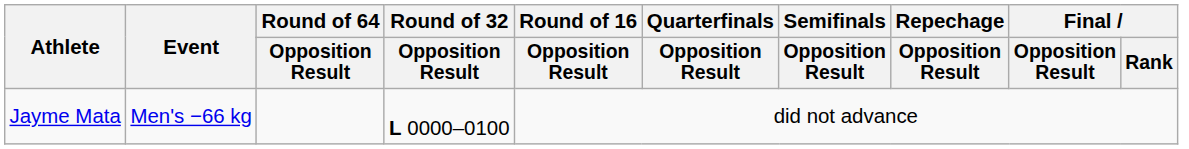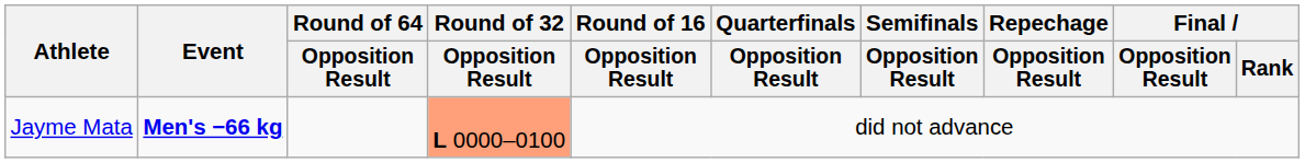 <table class="wikitable" style="font-size:90%">
 <tr>
 <th rowspan="2">Athlete</th>
 <th rowspan="2">Event</th>
 <th>Round of 64</th>
 <th>Round of 32</th>
 <th>Round of 16</th>
 <th>Quarterfinals</th>
 <th>Semifinals</th>
 <th>Repechage</th>
 <th colspan=2>Final / </th>
 </tr>
 <tr style="font-size:95%">
 <th>Opposition<br>Result</th>
 <th>Opposition<br>Result</th>
 <th>Opposition<br>Result</th>
 <th>Opposition<br>Result</th>
 <th>Opposition<br>Result</th>
 <th>Opposition<br>Result</th>
 <th>Opposition<br>Result</th>
 <th>Rank</th>
 </tr>
 <tr align=center>
 <td align=left><a href='#'>Jayme Mata</a></td>
-<td align=left><a href='#'>Men's −66 kg</a></td>
+<td align=left><strong><a href='#'>Men's −66 kg</a></strong></td>
 <td></td>
-<td><br><strong>L</strong> 0000–0100</td>
+<td style="background: lightsalmon;"><br><strong>L</strong> 0000–0100</td>
 <td colspan=6>did not advance</td>
 </tr>
 </table>
